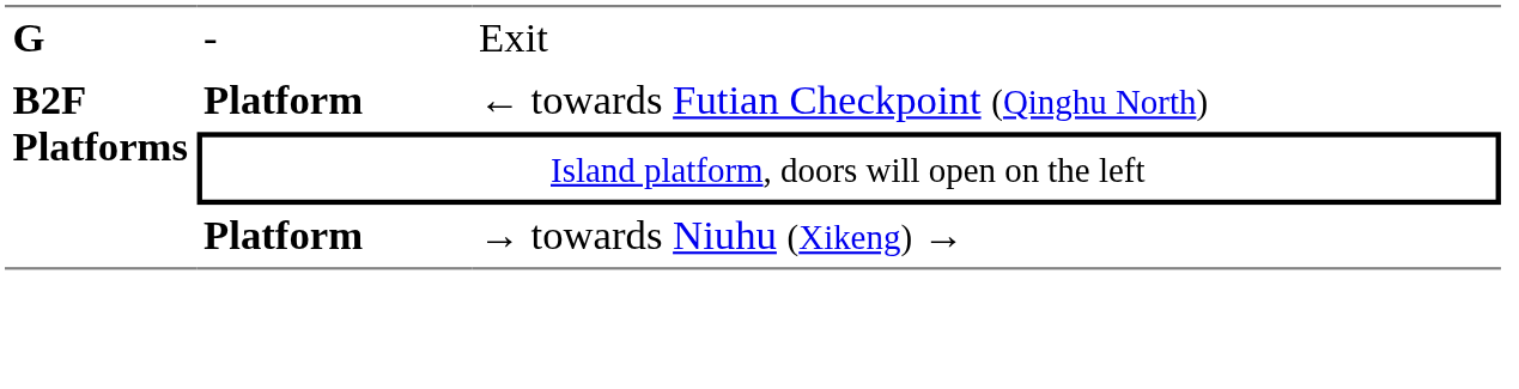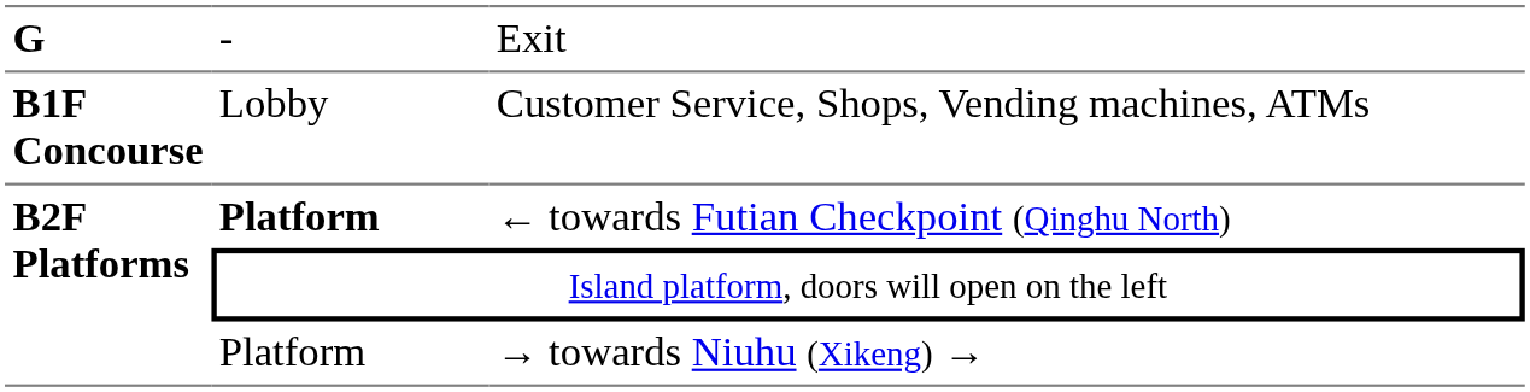 <table table border=0 cellspacing=0 cellpadding=3>
 <tr>
 <td style="border-top:solid 1px gray;" width=50 valign=top><strong>G</strong></td>
 <td style="border-top:solid 1px gray;" width=100 valign=top>-</td>
 <td style="border-top:solid 1px gray;" width=390 valign=top>Exit</td>
+</tr>
+<tr>
+<td style="border-bottom:solid 1px gray; border-top:solid 1px gray;" valign=top width=50><strong>B1F<br>Concourse</strong></td>
+<td style="border-bottom:solid 1px gray; border-top:solid 1px gray;" valign=top width=100>Lobby</td>
+<td style="border-bottom:solid 1px gray; border-top:solid 1px gray;" valign=top width=390>Customer Service, Shops, Vending machines, ATMs</td>
 </tr>
 <tr>
 <td style="border-bottom:solid 1px gray;" rowspan=4 valign=top><strong>B2F<br>Platforms</strong></td>
 <td><strong>Platform </strong></td>
 <td>←  towards <a href='#'>Futian Checkpoint</a> <small>(<a href='#'>Qinghu North</a>)</small></td>
 </tr>
 <tr>
 <td style="border-right:solid 2px black;border-left:solid 2px black;border-top:solid 2px black;border-bottom:solid 2px black;text-align:center;" colspan=2><small><a href='#'>Island platform</a>, doors will open on the left</small></td>
 </tr>
 <tr>
-<td style="border-bottom:solid 1px gray;"><strong>Platform </strong></td>
+<td style="border-bottom:solid 1px gray;">Platform </td>
 <td style="border-bottom:solid 1px gray;"><span>→</span>  towards <a href='#'>Niuhu</a> <small>(<a href='#'>Xikeng</a>)</small> →</td>
 </tr>
 </table>
